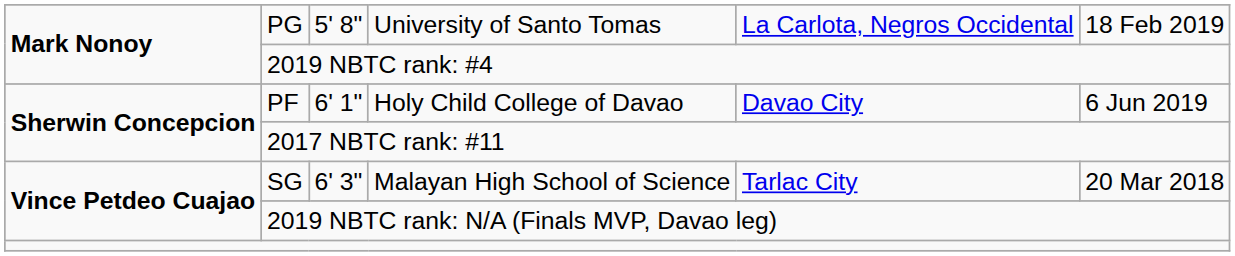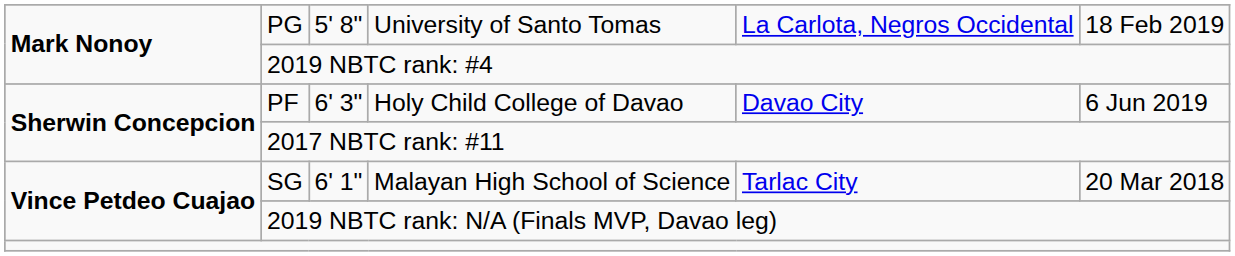 <table class=wikitable style="font-size:90%">
 <tr>
 <td rowspan=2><strong>Mark Nonoy</strong></td>
 <td>PG</td>
 <td>5' 8"</td>
 <td>University of Santo Tomas</td>
 <td><a href='#'>La Carlota, Negros Occidental</a></td>
 <td>18 Feb 2019</td>
 </tr>
 <tr>
 <td colspan=5>2019 NBTC rank: #4</td>
 </tr>
 <tr>
 <td rowspan=2><strong>Sherwin Concepcion</strong></td>
 <td>PF</td>
-<td>6' 1"</td>
+<td>6' 3"</td>
 <td>Holy Child College of Davao</td>
 <td><a href='#'>Davao City</a></td>
 <td>6 Jun 2019</td>
 </tr>
 <tr>
 <td colspan=5>2017 NBTC rank: #11</td>
 </tr>
 <tr>
 <td rowspan=2><strong>Vince Petdeo Cuajao</strong></td>
 <td>SG</td>
-<td>6' 3"</td>
+<td>6' 1"</td>
 <td>Malayan High School of Science</td>
 <td><a href='#'>Tarlac City</a></td>
 <td>20 Mar 2018</td>
 </tr>
 <tr>
 <td colspan=5>2019 NBTC rank: N/A (Finals MVP, Davao leg)</td>
 </tr>
 <tr>
 <td colspan=6></td>
 </tr>
 </table>
